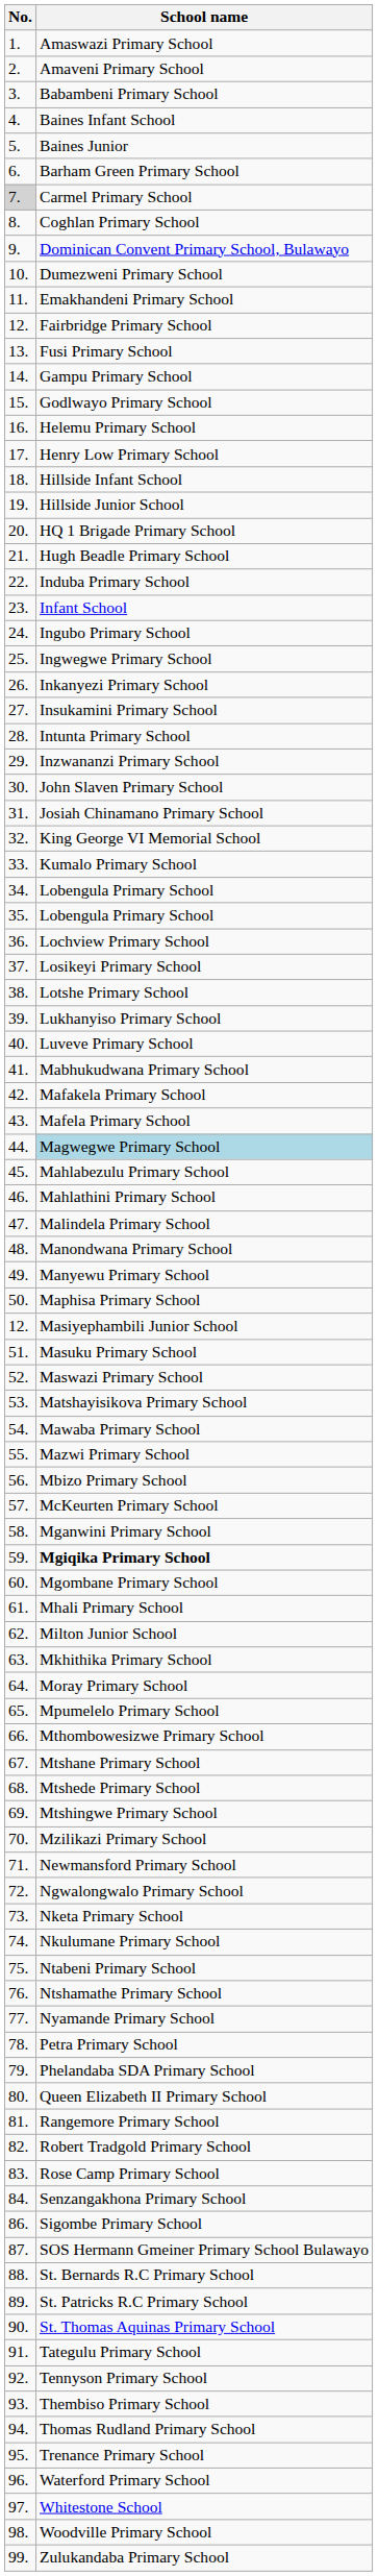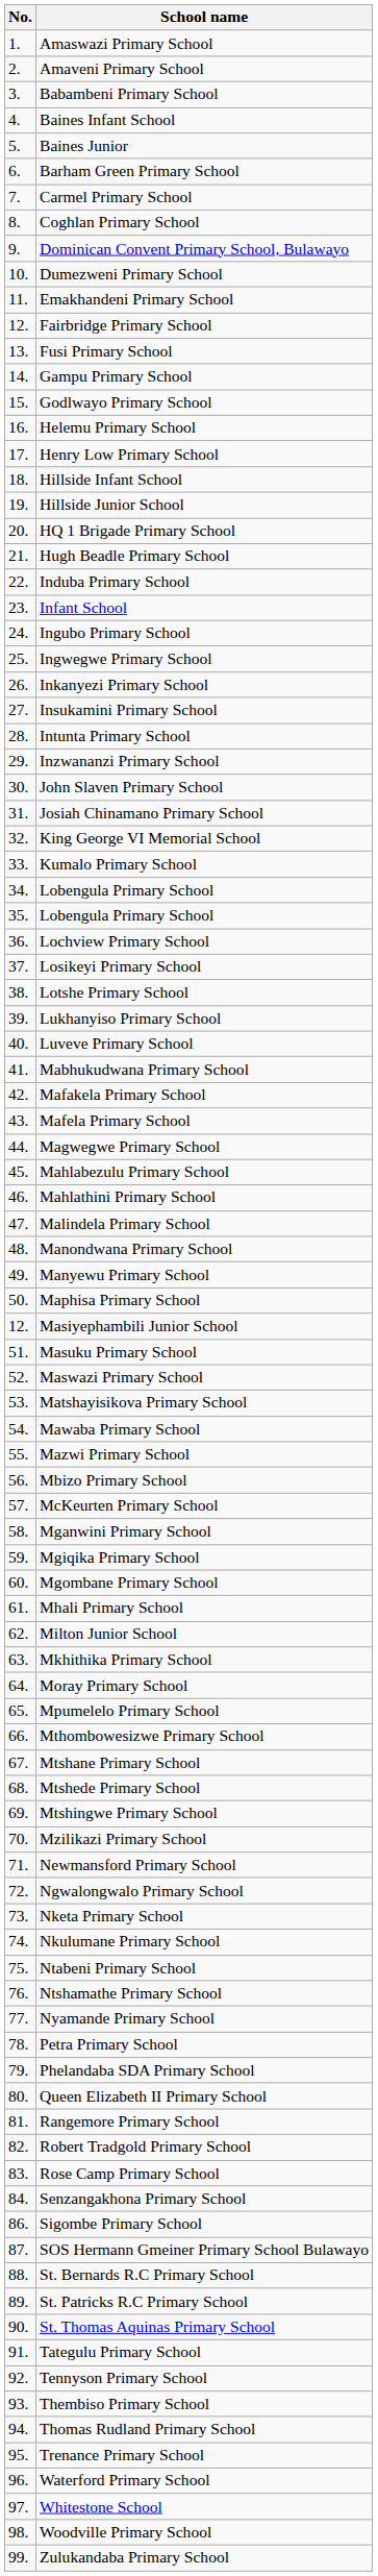 <table class="wikitable sortable">
 <tr>
 <th>No.</th>
 <th>School name</th>
 </tr>
 <tr>
 <td>1.</td>
 <td>Amaswazi Primary School</td>
 </tr>
 <tr>
 <td>2.</td>
 <td>Amaveni Primary School</td>
 </tr>
 <tr>
 <td>3.</td>
 <td>Babambeni Primary School</td>
 </tr>
 <tr>
 <td>4.</td>
 <td>Baines Infant School</td>
 </tr>
 <tr>
 <td>5.</td>
 <td>Baines Junior</td>
 </tr>
 <tr>
 <td>6.</td>
 <td>Barham Green Primary School</td>
 </tr>
 <tr>
-<td style="background: lightgrey;">7.</td>
+<td>7.</td>
 <td>Carmel Primary School</td>
 </tr>
 <tr>
 <td>8.</td>
 <td>Coghlan Primary School</td>
 </tr>
 <tr>
 <td>9.</td>
 <td><a href='#'>Dominican Convent Primary School, Bulawayo</a></td>
 </tr>
 <tr>
 <td>10.</td>
 <td>Dumezweni Primary School</td>
 </tr>
 <tr>
 <td>11.</td>
 <td>Emakhandeni Primary School</td>
 </tr>
 <tr>
 <td>12.</td>
 <td>Fairbridge Primary School</td>
 </tr>
 <tr>
 <td>13.</td>
 <td>Fusi Primary School</td>
 </tr>
 <tr>
 <td>14.</td>
 <td>Gampu Primary School</td>
 </tr>
 <tr>
 <td>15.</td>
 <td>Godlwayo Primary School</td>
 </tr>
 <tr>
 <td>16.</td>
 <td>Helemu Primary School</td>
 </tr>
 <tr>
 <td>17.</td>
 <td>Henry Low Primary School</td>
 </tr>
 <tr>
 <td>18.</td>
 <td>Hillside Infant School</td>
 </tr>
 <tr>
 <td>19.</td>
 <td>Hillside Junior School</td>
 </tr>
 <tr>
 <td>20.</td>
 <td>HQ 1 Brigade Primary School</td>
 </tr>
 <tr>
 <td>21.</td>
 <td>Hugh Beadle Primary School</td>
 </tr>
 <tr>
 <td>22.</td>
 <td>Induba Primary School</td>
 </tr>
 <tr>
 <td>23.</td>
 <td><a href='#'>Infant School</a></td>
 </tr>
 <tr>
 <td>24.</td>
 <td>Ingubo Primary School</td>
 </tr>
 <tr>
 <td>25.</td>
 <td>Ingwegwe Primary School</td>
 </tr>
 <tr>
 <td>26.</td>
 <td>Inkanyezi Primary School</td>
 </tr>
 <tr>
 <td>27.</td>
 <td>Insukamini Primary School</td>
 </tr>
 <tr>
 <td>28.</td>
 <td>Intunta Primary School</td>
 </tr>
 <tr>
 <td>29.</td>
 <td>Inzwananzi Primary School</td>
 </tr>
 <tr>
 <td>30.</td>
 <td>John Slaven Primary School</td>
 </tr>
 <tr>
 <td>31.</td>
 <td>Josiah Chinamano Primary School</td>
 </tr>
 <tr>
 <td>32.</td>
 <td>King George VI Memorial School</td>
 </tr>
 <tr>
 <td>33.</td>
 <td>Kumalo Primary School</td>
 </tr>
 <tr>
 <td>34.</td>
 <td>Lobengula Primary School</td>
 </tr>
 <tr>
 <td>35.</td>
 <td>Lobengula Primary School</td>
 </tr>
 <tr>
 <td>36.</td>
 <td>Lochview Primary School</td>
 </tr>
 <tr>
 <td>37.</td>
 <td>Losikeyi Primary School</td>
 </tr>
 <tr>
 <td>38.</td>
 <td>Lotshe Primary School</td>
 </tr>
 <tr>
 <td>39.</td>
 <td>Lukhanyiso Primary School</td>
 </tr>
 <tr>
 <td>40.</td>
 <td>Luveve Primary School</td>
 </tr>
 <tr>
 <td>41.</td>
 <td>Mabhukudwana Primary School</td>
 </tr>
 <tr>
 <td>42.</td>
 <td>Mafakela Primary School</td>
 </tr>
 <tr>
 <td>43.</td>
 <td>Mafela Primary School</td>
 </tr>
 <tr>
 <td>44.</td>
-<td style="background: lightblue;">Magwegwe Primary School</td>
+<td>Magwegwe Primary School</td>
 </tr>
 <tr>
 <td>45.</td>
 <td>Mahlabezulu Primary School</td>
 </tr>
 <tr>
 <td>46.</td>
 <td>Mahlathini Primary School</td>
 </tr>
 <tr>
 <td>47.</td>
 <td>Malindela Primary School</td>
 </tr>
 <tr>
 <td>48.</td>
 <td>Manondwana Primary School</td>
 </tr>
 <tr>
 <td>49.</td>
 <td>Manyewu Primary School</td>
 </tr>
 <tr>
 <td>50.</td>
 <td>Maphisa Primary School</td>
 </tr>
 <tr>
 <td>12.</td>
 <td>Masiyephambili Junior School</td>
 </tr>
 <tr>
 <td>51.</td>
 <td>Masuku Primary School</td>
 </tr>
 <tr>
 <td>52.</td>
 <td>Maswazi Primary School</td>
 </tr>
 <tr>
 <td>53.</td>
 <td>Matshayisikova Primary School</td>
 </tr>
 <tr>
 <td>54.</td>
 <td>Mawaba Primary School</td>
 </tr>
 <tr>
 <td>55.</td>
 <td>Mazwi Primary School</td>
 </tr>
 <tr>
 <td>56.</td>
 <td>Mbizo Primary School</td>
 </tr>
 <tr>
 <td>57.</td>
 <td>McKeurten Primary School</td>
 </tr>
 <tr>
 <td>58.</td>
 <td>Mganwini Primary School</td>
 </tr>
 <tr>
 <td>59.</td>
-<td><strong>Mgiqika Primary School</strong></td>
+<td>Mgiqika Primary School</td>
 </tr>
 <tr>
 <td>60.</td>
 <td>Mgombane Primary School</td>
 </tr>
 <tr>
 <td>61.</td>
 <td>Mhali Primary School</td>
 </tr>
 <tr>
 <td>62.</td>
 <td>Milton Junior School</td>
 </tr>
 <tr>
 <td>63.</td>
 <td>Mkhithika Primary School</td>
 </tr>
 <tr>
 <td>64.</td>
 <td>Moray Primary School</td>
 </tr>
 <tr>
 <td>65.</td>
 <td>Mpumelelo Primary School</td>
 </tr>
 <tr>
 <td>66.</td>
 <td>Mthombowesizwe Primary School</td>
 </tr>
 <tr>
 <td>67.</td>
 <td>Mtshane Primary School</td>
 </tr>
 <tr>
 <td>68.</td>
 <td>Mtshede Primary School</td>
 </tr>
 <tr>
 <td>69.</td>
 <td>Mtshingwe Primary School</td>
 </tr>
 <tr>
 <td>70.</td>
 <td>Mzilikazi Primary School</td>
 </tr>
 <tr>
 <td>71.</td>
 <td>Newmansford Primary School</td>
 </tr>
 <tr>
 <td>72.</td>
 <td>Ngwalongwalo Primary School</td>
 </tr>
 <tr>
 <td>73.</td>
 <td>Nketa Primary School</td>
 </tr>
 <tr>
 <td>74.</td>
 <td>Nkulumane Primary School</td>
 </tr>
 <tr>
 <td>75.</td>
 <td>Ntabeni Primary School</td>
 </tr>
 <tr>
 <td>76.</td>
 <td>Ntshamathe Primary School</td>
 </tr>
 <tr>
 <td>77.</td>
 <td>Nyamande Primary School</td>
 </tr>
 <tr>
 <td>78.</td>
 <td>Petra Primary School</td>
 </tr>
 <tr>
 <td>79.</td>
 <td>Phelandaba SDA Primary School</td>
 </tr>
 <tr>
 <td>80.</td>
 <td>Queen Elizabeth II Primary School</td>
 </tr>
 <tr>
 <td>81.</td>
 <td>Rangemore Primary School</td>
 </tr>
 <tr>
 <td>82.</td>
 <td>Robert Tradgold Primary School</td>
 </tr>
 <tr>
 <td>83.</td>
 <td>Rose Camp Primary School</td>
 </tr>
 <tr>
 <td>84.</td>
 <td>Senzangakhona Primary School</td>
 </tr>
 <tr>
 <td>86.</td>
 <td>Sigombe Primary School</td>
 </tr>
 <tr>
 <td>87.</td>
 <td>SOS Hermann Gmeiner Primary School Bulawayo</td>
 </tr>
 <tr>
 <td>88.</td>
 <td>St. Bernards R.C Primary School</td>
 </tr>
 <tr>
 <td>89.</td>
 <td>St. Patricks R.C Primary School</td>
 </tr>
 <tr>
 <td>90.</td>
 <td><a href='#'>St. Thomas Aquinas Primary School</a></td>
 </tr>
 <tr>
 <td>91.</td>
 <td>Tategulu Primary School</td>
 </tr>
 <tr>
 <td>92.</td>
 <td>Tennyson Primary School</td>
 </tr>
 <tr>
 <td>93.</td>
 <td>Thembiso Primary School</td>
 </tr>
 <tr>
 <td>94.</td>
 <td>Thomas Rudland Primary School</td>
 </tr>
 <tr>
 <td>95.</td>
 <td>Trenance Primary School</td>
 </tr>
 <tr>
 <td>96.</td>
 <td>Waterford Primary School</td>
 </tr>
 <tr>
 <td>97.</td>
 <td><a href='#'>Whitestone School</a></td>
 </tr>
 <tr>
 <td>98.</td>
 <td>Woodville Primary School</td>
 </tr>
 <tr>
 <td>99.</td>
 <td>Zulukandaba Primary School</td>
 </tr>
 </table>
